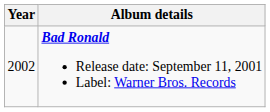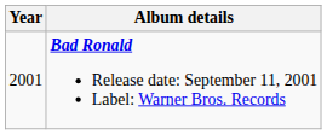 <table class="wikitable">
 <tr>
 <th>Year</th>
 <th>Album details</th>
 </tr>
 <tr>
-<td>2002</td>
+<td>2001</td>
 <td><strong><em><a href='#'>Bad Ronald</a></em></strong><br><ul><li>Release date: September 11, 2001</li><li>Label: <a href='#'>Warner Bros. Records</a></li></ul></td>
 </tr>
 </table>
